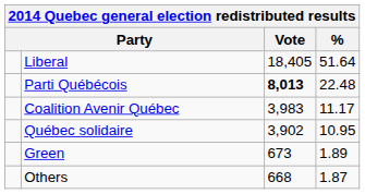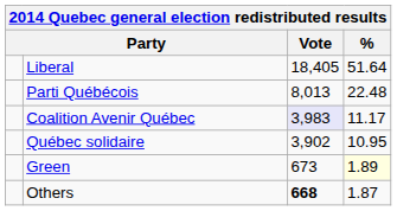 <table class="wikitable">
 <tr>
 <th colspan="4"><a href='#'>2014 Quebec general election</a> redistributed results</th>
 </tr>
 <tr>
 <th bgcolor="#DDDDFF" width="230px" colspan="2">Party</th>
 <th bgcolor="#DDDDFF" width="50px">Vote</th>
 <th bgcolor="#DDDDFF" width="30px">%</th>
 </tr>
 <tr>
 <td> </td>
 <td><a href='#'>Liberal</a></td>
 <td>18,405</td>
 <td>51.64</td>
 </tr>
 <tr>
 <td> </td>
 <td><a href='#'>Parti Québécois</a></td>
-<td><strong>8,013</strong></td>
+<td>8,013</td>
 <td>22.48</td>
 </tr>
 <tr>
 <td> </td>
 <td><a href='#'>Coalition Avenir Québec</a></td>
-<td>3,983</td>
+<td style="background: lavender;">3,983</td>
 <td>11.17</td>
 </tr>
 <tr>
 <td> </td>
 <td><a href='#'>Québec solidaire</a></td>
 <td>3,902</td>
 <td>10.95</td>
 </tr>
 <tr>
 <td> </td>
 <td><a href='#'>Green</a></td>
 <td>673</td>
-<td>1.89</td>
+<td style="background: lightyellow;">1.89</td>
 </tr>
 <tr>
 <td> </td>
 <td>Others</td>
-<td>668</td>
+<td><strong>668</strong></td>
 <td>1.87</td>
 </tr>
 </table>
